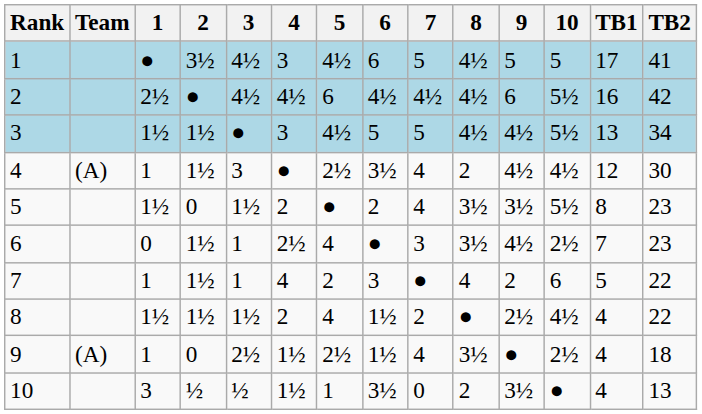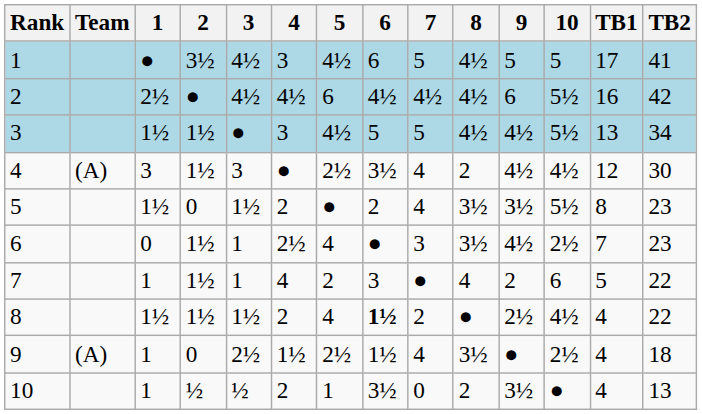 <table class="wikitable">
 <tr>
 <th>Rank</th>
 <th>Team</th>
 <th style="width:1.5em;">1</th>
 <th style="width:1.5em;">2</th>
 <th style="width:1.5em;">3</th>
 <th style="width:1.5em;">4</th>
 <th style="width:1.5em;">5</th>
 <th style="width:1.5em;">6</th>
 <th style="width:1.5em;">7</th>
 <th style="width:1.5em;">8</th>
 <th style="width:1.5em;">9</th>
 <th style="width:1.5em;">10</th>
 <th>TB1</th>
 <th>TB2</th>
 </tr>
 <tr style="background:lightblue">
 <td>1</td>
 <td></td>
 <td>●</td>
 <td>3½</td>
 <td>4½</td>
 <td>3</td>
 <td>4½</td>
 <td>6</td>
 <td>5</td>
 <td>4½</td>
 <td>5</td>
 <td>5</td>
 <td>17</td>
 <td>41</td>
 </tr>
 <tr style="background:lightblue">
 <td>2</td>
 <td></td>
 <td>2½</td>
 <td>●</td>
 <td>4½</td>
 <td>4½</td>
 <td>6</td>
 <td>4½</td>
 <td>4½</td>
 <td>4½</td>
 <td>6</td>
 <td>5½</td>
 <td>16</td>
 <td>42</td>
 </tr>
 <tr style="background:lightblue">
 <td>3</td>
 <td></td>
 <td>1½</td>
 <td>1½</td>
 <td>●</td>
 <td>3</td>
 <td>4½</td>
 <td>5</td>
 <td>5</td>
 <td>4½</td>
 <td>4½</td>
 <td>5½</td>
 <td>13</td>
 <td>34</td>
 </tr>
 <tr>
 <td>4</td>
 <td> (A)</td>
-<td>1</td>
+<td>3</td>
 <td>1½</td>
 <td>3</td>
 <td>●</td>
 <td>2½</td>
 <td>3½</td>
 <td>4</td>
 <td>2</td>
 <td>4½</td>
 <td>4½</td>
 <td>12</td>
 <td>30</td>
 </tr>
 <tr>
 <td>5</td>
 <td></td>
 <td>1½</td>
 <td>0</td>
 <td>1½</td>
 <td>2</td>
 <td>●</td>
 <td>2</td>
 <td>4</td>
 <td>3½</td>
 <td>3½</td>
 <td>5½</td>
 <td>8</td>
 <td>23</td>
 </tr>
 <tr>
 <td>6</td>
 <td></td>
 <td>0</td>
 <td>1½</td>
 <td>1</td>
 <td>2½</td>
 <td>4</td>
 <td>●</td>
 <td>3</td>
 <td>3½</td>
 <td>4½</td>
 <td>2½</td>
 <td>7</td>
 <td>23</td>
 </tr>
 <tr>
 <td>7</td>
 <td></td>
 <td>1</td>
 <td>1½</td>
 <td>1</td>
 <td>4</td>
 <td>2</td>
 <td>3</td>
 <td>●</td>
 <td>4</td>
 <td>2</td>
 <td>6</td>
 <td>5</td>
 <td>22</td>
 </tr>
 <tr>
 <td>8</td>
 <td></td>
 <td>1½</td>
 <td>1½</td>
 <td>1½</td>
 <td>2</td>
 <td>4</td>
-<td>1½</td>
+<td><strong>1½</strong></td>
 <td>2</td>
 <td>●</td>
 <td>2½</td>
 <td>4½</td>
 <td>4</td>
 <td>22</td>
 </tr>
 <tr>
 <td>9</td>
 <td> (A)</td>
 <td>1</td>
 <td>0</td>
 <td>2½</td>
 <td>1½</td>
 <td>2½</td>
 <td>1½</td>
 <td>4</td>
 <td>3½</td>
 <td>●</td>
 <td>2½</td>
 <td>4</td>
 <td>18</td>
 </tr>
 <tr>
 <td>10</td>
 <td></td>
-<td>3</td>
+<td>1</td>
 <td>½</td>
 <td>½</td>
-<td>1½</td>
+<td>2</td>
 <td>1</td>
 <td>3½</td>
 <td>0</td>
 <td>2</td>
 <td>3½</td>
 <td>●</td>
 <td>4</td>
 <td>13</td>
 </tr>
 </table>
